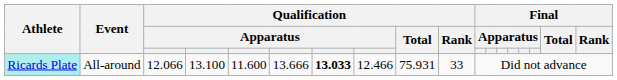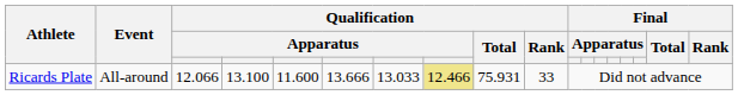 <table class="wikitable" style="font-size:90%; text-align:center">
 <tr>
 <th rowspan="3">Athlete</th>
 <th rowspan="3">Event</th>
 <th colspan="8">Qualification</th>
 <th colspan="8">Final</th>
 </tr>
 <tr>
 <th colspan="6">Apparatus</th>
 <th rowspan="2">Total</th>
 <th rowspan="2">Rank</th>
 <th colspan="6">Apparatus</th>
 <th rowspan="2">Total</th>
 <th rowspan="2">Rank</th>
 </tr>
 <tr>
 <th></th>
 <th></th>
 <th></th>
 <th></th>
 <th></th>
 <th></th>
 <th></th>
 <th></th>
 <th></th>
 <th></th>
 <th></th>
 <th></th>
 </tr>
 <tr>
-<td align="left" style="background: paleturquoise;"><a href='#'>Ricards Plate</a></td>
+<td align="left"><a href='#'>Ricards Plate</a></td>
 <td align="left">All-around</td>
 <td>12.066</td>
 <td>13.100</td>
 <td>11.600</td>
 <td>13.666</td>
-<td><strong>13.033</strong></td>
-<td>12.466</td>
+<td>13.033</td>
+<td style="background: khaki;">12.466</td>
 <td>75.931</td>
 <td>33</td>
 <td colspan="8">Did not advance</td>
 </tr>
 </table>
